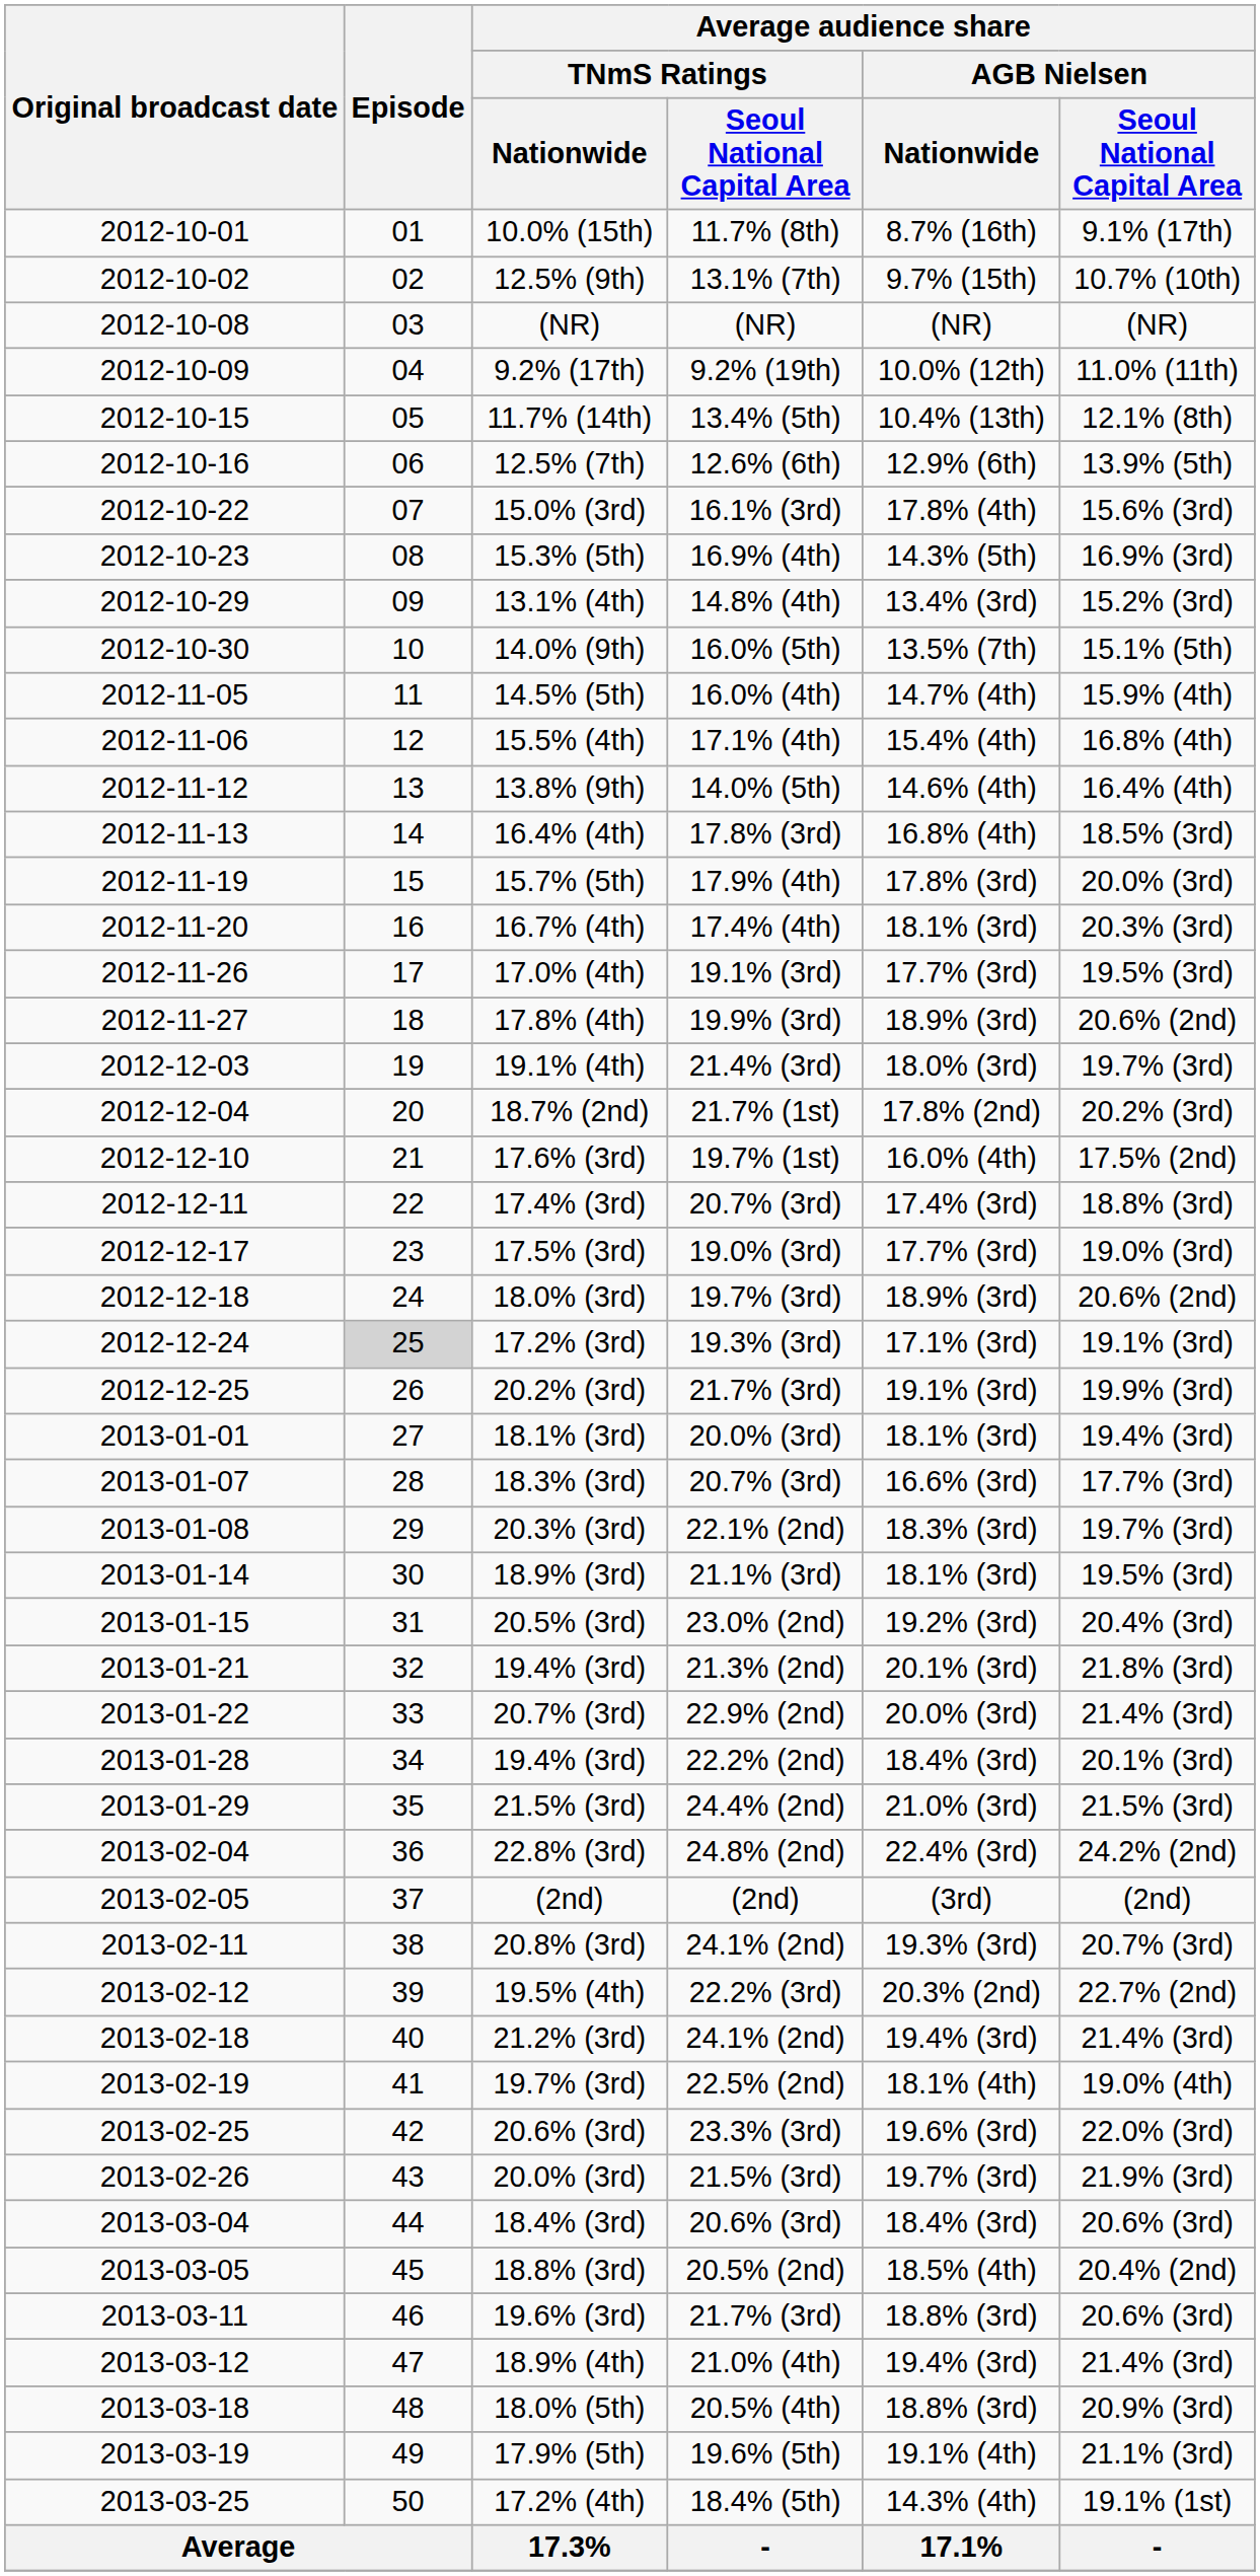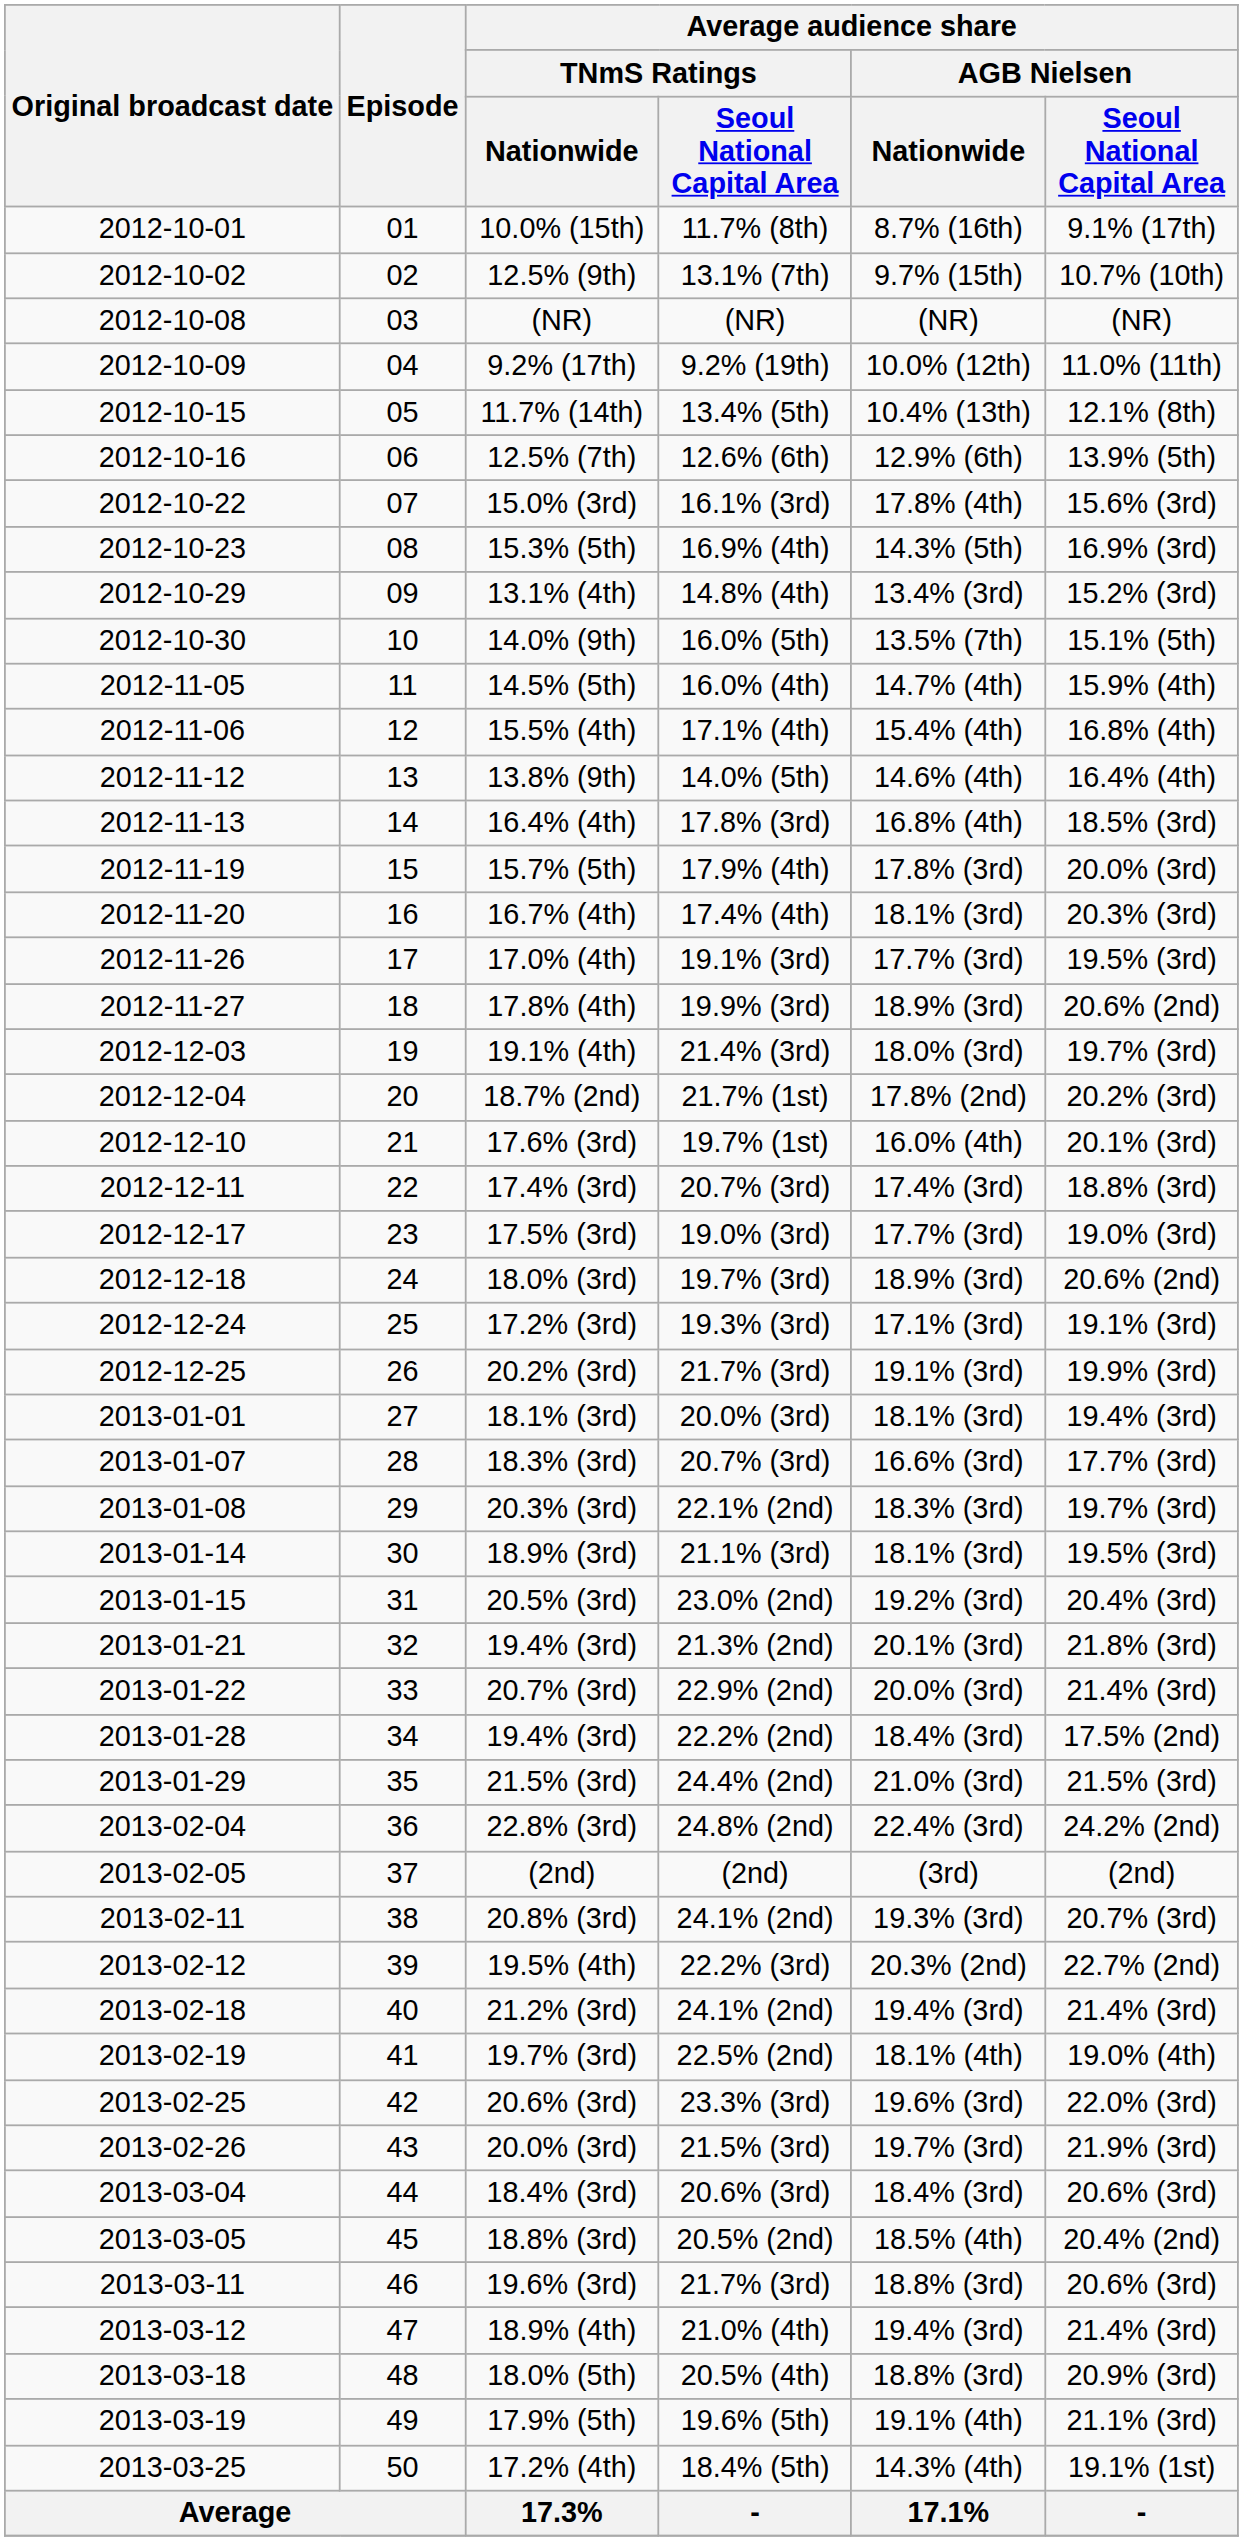 <table class=wikitable style="text-align:center">
 <tr>
 <th rowspan="3">Original broadcast date</th>
 <th rowspan="3">Episode</th>
 <th colspan="4">Average audience share</th>
 </tr>
 <tr>
 <th colspan="2">TNmS Ratings</th>
 <th colspan="2">AGB Nielsen</th>
 </tr>
 <tr>
 <th width=100>Nationwide</th>
 <th width=100><a href='#'>Seoul National Capital Area</a></th>
 <th width=100>Nationwide</th>
 <th width=100><a href='#'>Seoul National Capital Area</a></th>
 </tr>
 <tr>
 <td>2012-10-01</td>
 <td>01</td>
 <td>10.0% (15th)</td>
 <td>11.7% (8th)</td>
 <td>8.7% (16th)</td>
 <td>9.1% (17th)</td>
 </tr>
 <tr>
 <td>2012-10-02</td>
 <td>02</td>
 <td>12.5% (9th)</td>
 <td>13.1% (7th)</td>
 <td>9.7% (15th)</td>
 <td>10.7% (10th)</td>
 </tr>
 <tr>
 <td>2012-10-08</td>
 <td>03</td>
 <td> (NR)</td>
 <td> (NR)</td>
 <td> (NR)</td>
 <td> (NR)</td>
 </tr>
 <tr>
 <td>2012-10-09</td>
 <td>04</td>
 <td>9.2% (17th)</td>
 <td>9.2% (19th)</td>
 <td>10.0% (12th)</td>
 <td>11.0% (11th)</td>
 </tr>
 <tr>
 <td>2012-10-15</td>
 <td>05</td>
 <td>11.7% (14th)</td>
 <td>13.4% (5th)</td>
 <td>10.4% (13th)</td>
 <td>12.1% (8th)</td>
 </tr>
 <tr>
 <td>2012-10-16</td>
 <td>06</td>
 <td>12.5% (7th)</td>
 <td>12.6% (6th)</td>
 <td>12.9% (6th)</td>
 <td>13.9% (5th)</td>
 </tr>
 <tr>
 <td>2012-10-22</td>
 <td>07</td>
 <td>15.0% (3rd)</td>
 <td>16.1% (3rd)</td>
 <td>17.8% (4th)</td>
 <td>15.6% (3rd)</td>
 </tr>
 <tr>
 <td>2012-10-23</td>
 <td>08</td>
 <td>15.3% (5th)</td>
 <td>16.9% (4th)</td>
 <td>14.3% (5th)</td>
 <td>16.9% (3rd)</td>
 </tr>
 <tr>
 <td>2012-10-29</td>
 <td>09</td>
 <td>13.1% (4th)</td>
 <td>14.8% (4th)</td>
 <td>13.4% (3rd)</td>
 <td>15.2% (3rd)</td>
 </tr>
 <tr>
 <td>2012-10-30</td>
 <td>10</td>
 <td>14.0% (9th)</td>
 <td>16.0% (5th)</td>
 <td>13.5% (7th)</td>
 <td>15.1% (5th)</td>
 </tr>
 <tr>
 <td>2012-11-05</td>
 <td>11</td>
 <td>14.5% (5th)</td>
 <td>16.0% (4th)</td>
 <td>14.7% (4th)</td>
 <td>15.9% (4th)</td>
 </tr>
 <tr>
 <td>2012-11-06</td>
 <td>12</td>
 <td>15.5% (4th)</td>
 <td>17.1% (4th)</td>
 <td>15.4% (4th)</td>
 <td>16.8% (4th)</td>
 </tr>
 <tr>
 <td>2012-11-12</td>
 <td>13</td>
 <td>13.8% (9th)</td>
 <td>14.0% (5th)</td>
 <td>14.6% (4th)</td>
 <td>16.4% (4th)</td>
 </tr>
 <tr>
 <td>2012-11-13</td>
 <td>14</td>
 <td>16.4% (4th)</td>
 <td>17.8% (3rd)</td>
 <td>16.8% (4th)</td>
 <td>18.5% (3rd)</td>
 </tr>
 <tr>
 <td>2012-11-19</td>
 <td>15</td>
 <td>15.7% (5th)</td>
 <td>17.9% (4th)</td>
 <td>17.8% (3rd)</td>
 <td>20.0% (3rd)</td>
 </tr>
 <tr>
 <td>2012-11-20</td>
 <td>16</td>
 <td>16.7% (4th)</td>
 <td>17.4% (4th)</td>
 <td>18.1% (3rd)</td>
 <td>20.3% (3rd)</td>
 </tr>
 <tr>
 <td>2012-11-26</td>
 <td>17</td>
 <td>17.0% (4th)</td>
 <td>19.1% (3rd)</td>
 <td>17.7% (3rd)</td>
 <td>19.5% (3rd)</td>
 </tr>
 <tr>
 <td>2012-11-27</td>
 <td>18</td>
 <td>17.8% (4th)</td>
 <td>19.9% (3rd)</td>
 <td>18.9% (3rd)</td>
 <td>20.6% (2nd)</td>
 </tr>
 <tr>
 <td>2012-12-03</td>
 <td>19</td>
 <td>19.1% (4th)</td>
 <td>21.4% (3rd)</td>
 <td>18.0% (3rd)</td>
 <td>19.7% (3rd)</td>
 </tr>
 <tr>
 <td>2012-12-04</td>
 <td>20</td>
 <td>18.7% (2nd)</td>
 <td>21.7% (1st)</td>
 <td>17.8% (2nd)</td>
 <td>20.2% (3rd)</td>
 </tr>
 <tr>
 <td>2012-12-10</td>
 <td>21</td>
 <td>17.6% (3rd)</td>
 <td>19.7% (1st)</td>
 <td>16.0% (4th)</td>
-<td>17.5% (2nd)</td>
+<td>20.1% (3rd)</td>
 </tr>
 <tr>
 <td>2012-12-11</td>
 <td>22</td>
 <td>17.4% (3rd)</td>
 <td>20.7% (3rd)</td>
 <td>17.4% (3rd)</td>
 <td>18.8% (3rd)</td>
 </tr>
 <tr>
 <td>2012-12-17</td>
 <td>23</td>
 <td>17.5% (3rd)</td>
 <td>19.0% (3rd)</td>
 <td>17.7% (3rd)</td>
 <td>19.0% (3rd)</td>
 </tr>
 <tr>
 <td>2012-12-18</td>
 <td>24</td>
 <td>18.0% (3rd)</td>
 <td>19.7% (3rd)</td>
 <td>18.9% (3rd)</td>
 <td>20.6% (2nd)</td>
 </tr>
 <tr>
 <td>2012-12-24</td>
-<td style="background: lightgrey;">25</td>
+<td>25</td>
 <td>17.2% (3rd)</td>
 <td>19.3% (3rd)</td>
 <td>17.1% (3rd)</td>
 <td>19.1% (3rd)</td>
 </tr>
 <tr>
 <td>2012-12-25</td>
 <td>26</td>
 <td>20.2% (3rd)</td>
 <td>21.7% (3rd)</td>
 <td>19.1% (3rd)</td>
 <td>19.9% (3rd)</td>
 </tr>
 <tr>
 <td>2013-01-01</td>
 <td>27</td>
 <td>18.1% (3rd)</td>
 <td>20.0% (3rd)</td>
 <td>18.1% (3rd)</td>
 <td>19.4% (3rd)</td>
 </tr>
 <tr>
 <td>2013-01-07</td>
 <td>28</td>
 <td>18.3% (3rd)</td>
 <td>20.7% (3rd)</td>
 <td>16.6% (3rd)</td>
 <td>17.7% (3rd)</td>
 </tr>
 <tr>
 <td>2013-01-08</td>
 <td>29</td>
 <td>20.3% (3rd)</td>
 <td>22.1% (2nd)</td>
 <td>18.3% (3rd)</td>
 <td>19.7% (3rd)</td>
 </tr>
 <tr>
 <td>2013-01-14</td>
 <td>30</td>
 <td>18.9% (3rd)</td>
 <td>21.1% (3rd)</td>
 <td>18.1% (3rd)</td>
 <td>19.5% (3rd)</td>
 </tr>
 <tr>
 <td>2013-01-15</td>
 <td>31</td>
 <td>20.5% (3rd)</td>
 <td>23.0% (2nd)</td>
 <td>19.2% (3rd)</td>
 <td>20.4% (3rd)</td>
 </tr>
 <tr>
 <td>2013-01-21</td>
 <td>32</td>
 <td>19.4% (3rd)</td>
 <td>21.3% (2nd)</td>
 <td>20.1% (3rd)</td>
 <td>21.8% (3rd)</td>
 </tr>
 <tr>
 <td>2013-01-22</td>
 <td>33</td>
 <td>20.7% (3rd)</td>
 <td>22.9% (2nd)</td>
 <td>20.0% (3rd)</td>
 <td>21.4% (3rd)</td>
 </tr>
 <tr>
 <td>2013-01-28</td>
 <td>34</td>
 <td>19.4% (3rd)</td>
 <td>22.2% (2nd)</td>
 <td>18.4% (3rd)</td>
-<td>20.1% (3rd)</td>
+<td>17.5% (2nd)</td>
 </tr>
 <tr>
 <td>2013-01-29</td>
 <td>35</td>
 <td>21.5% (3rd)</td>
 <td>24.4% (2nd)</td>
 <td>21.0% (3rd)</td>
 <td>21.5% (3rd)</td>
 </tr>
 <tr>
 <td>2013-02-04</td>
 <td>36</td>
 <td>22.8% (3rd)</td>
 <td>24.8% (2nd)</td>
 <td>22.4% (3rd)</td>
 <td>24.2% (2nd)</td>
 </tr>
 <tr>
 <td>2013-02-05</td>
 <td>37</td>
 <td> (2nd)</td>
 <td> (2nd)</td>
 <td> (3rd)</td>
 <td> (2nd)</td>
 </tr>
 <tr>
 <td>2013-02-11</td>
 <td>38</td>
 <td>20.8% (3rd)</td>
 <td>24.1% (2nd)</td>
 <td>19.3% (3rd)</td>
 <td>20.7% (3rd)</td>
 </tr>
 <tr>
 <td>2013-02-12</td>
 <td>39</td>
 <td>19.5% (4th)</td>
 <td>22.2% (3rd)</td>
 <td>20.3% (2nd)</td>
 <td>22.7% (2nd)</td>
 </tr>
 <tr>
 <td>2013-02-18</td>
 <td>40</td>
 <td>21.2% (3rd)</td>
 <td>24.1% (2nd)</td>
 <td>19.4% (3rd)</td>
 <td>21.4% (3rd)</td>
 </tr>
 <tr>
 <td>2013-02-19</td>
 <td>41</td>
 <td>19.7% (3rd)</td>
 <td>22.5% (2nd)</td>
 <td>18.1% (4th)</td>
 <td>19.0% (4th)</td>
 </tr>
 <tr>
 <td>2013-02-25</td>
 <td>42</td>
 <td>20.6% (3rd)</td>
 <td>23.3% (3rd)</td>
 <td>19.6% (3rd)</td>
 <td>22.0% (3rd)</td>
 </tr>
 <tr>
 <td>2013-02-26</td>
 <td>43</td>
 <td>20.0% (3rd)</td>
 <td>21.5% (3rd)</td>
 <td>19.7% (3rd)</td>
 <td>21.9% (3rd)</td>
 </tr>
 <tr>
 <td>2013-03-04</td>
 <td>44</td>
 <td>18.4% (3rd)</td>
 <td>20.6% (3rd)</td>
 <td>18.4% (3rd)</td>
 <td>20.6% (3rd)</td>
 </tr>
 <tr>
 <td>2013-03-05</td>
 <td>45</td>
 <td>18.8% (3rd)</td>
 <td>20.5% (2nd)</td>
 <td>18.5% (4th)</td>
 <td>20.4% (2nd)</td>
 </tr>
 <tr>
 <td>2013-03-11</td>
 <td>46</td>
 <td>19.6% (3rd)</td>
 <td>21.7% (3rd)</td>
 <td>18.8% (3rd)</td>
 <td>20.6% (3rd)</td>
 </tr>
 <tr>
 <td>2013-03-12</td>
 <td>47</td>
 <td>18.9% (4th)</td>
 <td>21.0% (4th)</td>
 <td>19.4% (3rd)</td>
 <td>21.4% (3rd)</td>
 </tr>
 <tr>
 <td>2013-03-18</td>
 <td>48</td>
 <td>18.0% (5th)</td>
 <td>20.5% (4th)</td>
 <td>18.8% (3rd)</td>
 <td>20.9% (3rd)</td>
 </tr>
 <tr>
 <td>2013-03-19</td>
 <td>49</td>
 <td>17.9% (5th)</td>
 <td>19.6% (5th)</td>
 <td>19.1% (4th)</td>
 <td>21.1% (3rd)</td>
 </tr>
 <tr>
 <td>2013-03-25</td>
 <td>50</td>
 <td>17.2% (4th)</td>
 <td>18.4% (5th)</td>
 <td>14.3% (4th)</td>
 <td>19.1% (1st)</td>
 </tr>
 <tr>
 <th colspan=2>Average</th>
 <th>17.3%</th>
 <th>-</th>
 <th>17.1%</th>
 <th>-</th>
 </tr>
 <tr>
 </tr>
 </table>
